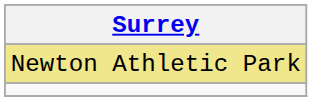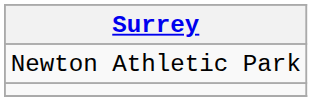 <table class="wikitable" style="text-align:center; max-width:145em; color:inherit;">
 <tr>
 <th width=100%><a href='#'>Surrey</a></th>
 </tr>
 <tr>
-<td style="background: khaki;">Newton Athletic Park</td>
+<td>Newton Athletic Park</td>
 </tr>
 <tr>
 <td></td>
 </tr>
 <tr>
 </tr>
 </table>
